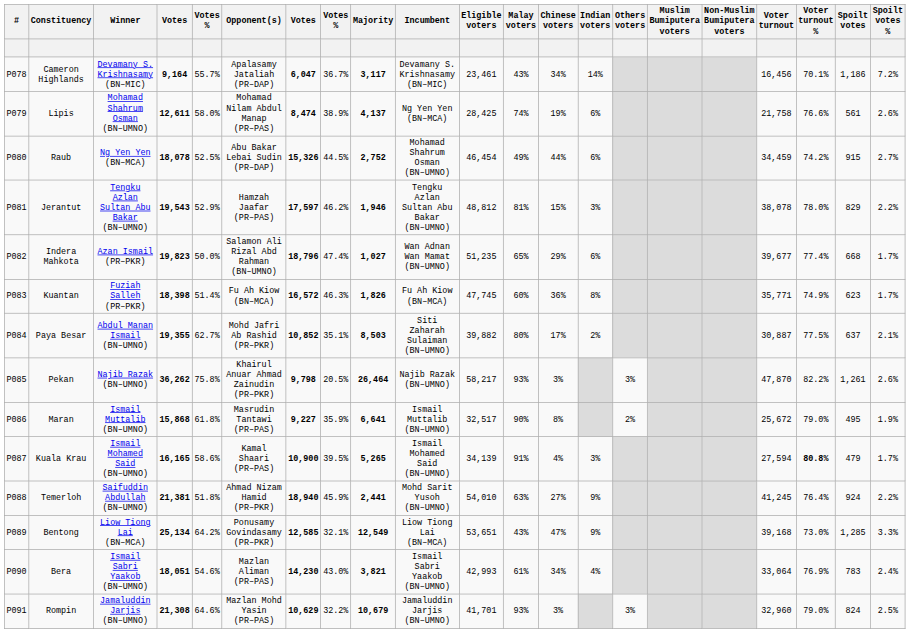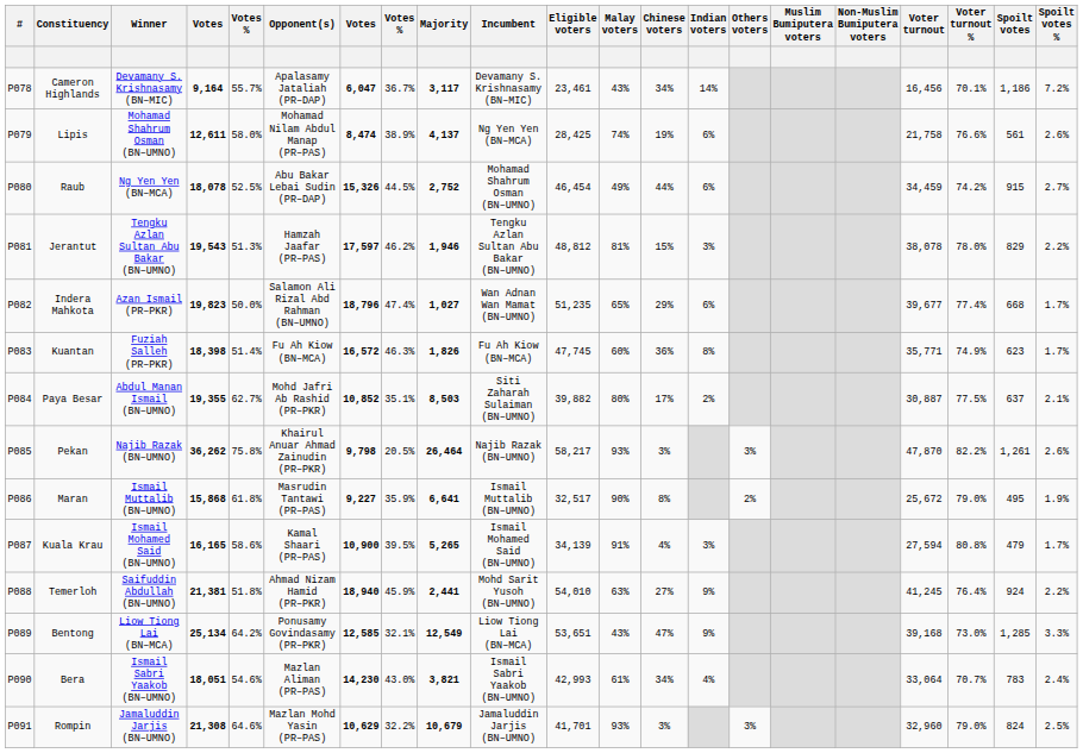 <table class="wikitable sortable" style="text-align:center; font-size:90%">
 <tr>
 <th width="30">#</th>
 <th width="60">Constituency</th>
 <th width="150">Winner</th>
 <th width="50">Votes</th>
 <th width="50">Votes %</th>
 <th width="150">Opponent(s)</th>
 <th width="50">Votes</th>
 <th width="50">Votes %</th>
 <th width="50">Majority</th>
 <th width="150">Incumbent</th>
 <th width="50">Eligible voters</th>
 <th width="50">Malay voters</th>
 <th width="50">Chinese voters</th>
 <th width="50">Indian voters</th>
 <th width="50">Others voters</th>
 <th width="50">Muslim Bumiputera voters</th>
 <th width="50">Non-Muslim Bumiputera voters</th>
 <th width="50">Voter turnout</th>
 <th width="50">Voter turnout %</th>
 <th width="50">Spoilt votes</th>
 <th width="50">Spoilt votes %</th>
 </tr>
 <tr>
 <th height="20"></th>
 <th></th>
 <th></th>
 <th></th>
 <th></th>
 <th></th>
 <th></th>
 <th></th>
 <th></th>
 <th></th>
 <th></th>
 <th></th>
 <th></th>
 <th></th>
 <th></th>
 <th></th>
 <th></th>
 <th></th>
 <th></th>
 <th></th>
 <th></th>
 </tr>
 <tr>
 <td>P078</td>
 <td>Cameron Highlands</td>
 <td><a href='#'>Devamany S. Krishnasamy</a><br>(BN–MIC)</td>
 <td><strong>9,164</strong></td>
 <td>55.7%</td>
 <td>Apalasamy Jataliah<br>(PR–DAP)</td>
 <td><strong>6,047</strong></td>
 <td>36.7%</td>
 <td><strong>3,117</strong></td>
 <td>Devamany S. Krishnasamy<br>(BN–MIC)</td>
 <td>23,461</td>
 <td>43%</td>
 <td>34%</td>
 <td>14%</td>
 <td bgcolor="dcdcdc"></td>
 <td bgcolor="dcdcdc"></td>
 <td bgcolor="dcdcdc"></td>
 <td>16,456</td>
 <td>70.1%</td>
 <td>1,186</td>
 <td>7.2%</td>
 </tr>
 <tr>
 <td>P079</td>
 <td>Lipis</td>
 <td><a href='#'>Mohamad Shahrum Osman</a><br>(BN–UMNO)</td>
 <td><strong>12,611</strong></td>
 <td>58.0%</td>
 <td>Mohamad Nilam Abdul Manap<br>(PR–PAS)</td>
 <td><strong>8,474</strong></td>
 <td>38.9%</td>
 <td><strong>4,137</strong></td>
 <td>Ng Yen Yen<br>(BN–MCA)</td>
 <td>28,425</td>
 <td>74%</td>
 <td>19%</td>
 <td>6%</td>
 <td bgcolor="dcdcdc"></td>
 <td bgcolor="dcdcdc"></td>
 <td bgcolor="dcdcdc"></td>
 <td>21,758</td>
 <td>76.6%</td>
 <td>561</td>
 <td>2.6%</td>
 </tr>
 <tr>
 <td>P080</td>
 <td>Raub</td>
 <td><a href='#'>Ng Yen Yen</a><br>(BN–MCA)</td>
 <td><strong>18,078</strong></td>
 <td>52.5%</td>
 <td>Abu Bakar Lebai Sudin<br>(PR–DAP)</td>
 <td><strong>15,326</strong></td>
 <td>44.5%</td>
 <td><strong>2,752</strong></td>
 <td>Mohamad Shahrum Osman<br>(BN–UMNO)</td>
 <td>46,454</td>
 <td>49%</td>
 <td>44%</td>
 <td>6%</td>
 <td bgcolor="dcdcdc"></td>
 <td bgcolor="dcdcdc"></td>
 <td bgcolor="dcdcdc"></td>
 <td>34,459</td>
 <td>74.2%</td>
 <td>915</td>
 <td>2.7%</td>
 </tr>
 <tr>
 <td>P081</td>
 <td>Jerantut</td>
 <td><a href='#'>Tengku Azlan Sultan Abu Bakar</a><br>(BN–UMNO)</td>
 <td><strong>19,543</strong></td>
-<td>52.9%</td>
+<td>51.3%</td>
 <td>Hamzah Jaafar<br>(PR–PAS)</td>
 <td><strong>17,597</strong></td>
 <td>46.2%</td>
 <td><strong>1,946</strong></td>
 <td>Tengku Azlan Sultan Abu Bakar<br>(BN–UMNO)</td>
 <td>48,812</td>
 <td>81%</td>
 <td>15%</td>
 <td>3%</td>
 <td bgcolor="dcdcdc"></td>
 <td bgcolor="dcdcdc"></td>
 <td bgcolor="dcdcdc"></td>
 <td>38,078</td>
 <td>78.0%</td>
 <td>829</td>
 <td>2.2%</td>
 </tr>
 <tr>
 <td>P082</td>
 <td>Indera Mahkota</td>
 <td><a href='#'>Azan Ismail</a><br>(PR–PKR)</td>
 <td><strong>19,823</strong></td>
 <td>50.0%</td>
 <td>Salamon Ali Rizal Abd Rahman<br>(BN–UMNO)</td>
 <td><strong>18,796</strong></td>
 <td>47.4%</td>
 <td><strong>1,027</strong></td>
 <td>Wan Adnan Wan Mamat<br>(BN–UMNO)</td>
 <td>51,235</td>
 <td>65%</td>
 <td>29%</td>
 <td>6%</td>
 <td bgcolor="dcdcdc"></td>
 <td bgcolor="dcdcdc"></td>
 <td bgcolor="dcdcdc"></td>
 <td>39,677</td>
 <td>77.4%</td>
 <td>668</td>
 <td>1.7%</td>
 </tr>
 <tr>
 <td>P083</td>
 <td>Kuantan</td>
 <td><a href='#'>Fuziah Salleh</a><br>(PR–PKR)</td>
 <td><strong>18,398</strong></td>
 <td>51.4%</td>
 <td>Fu Ah Kiow<br>(BN–MCA)</td>
 <td><strong>16,572</strong></td>
 <td>46.3%</td>
 <td><strong>1,826</strong></td>
 <td>Fu Ah Kiow<br>(BN–MCA)</td>
 <td>47,745</td>
 <td>60%</td>
 <td>36%</td>
 <td>8%</td>
 <td bgcolor="dcdcdc"></td>
 <td bgcolor="dcdcdc"></td>
 <td bgcolor="dcdcdc"></td>
 <td>35,771</td>
 <td>74.9%</td>
 <td>623</td>
 <td>1.7%</td>
 </tr>
 <tr>
 <td>P084</td>
 <td>Paya Besar</td>
 <td><a href='#'>Abdul Manan Ismail</a><br>(BN–UMNO)</td>
 <td><strong>19,355</strong></td>
 <td>62.7%</td>
 <td>Mohd Jafri Ab Rashid<br>(PR–PKR)</td>
 <td><strong>10,852</strong></td>
 <td>35.1%</td>
 <td><strong>8,503</strong></td>
 <td>Siti Zaharah Sulaiman<br>(BN–UMNO)</td>
 <td>39,882</td>
 <td>80%</td>
 <td>17%</td>
 <td>2%</td>
 <td bgcolor="dcdcdc"></td>
 <td bgcolor="dcdcdc"></td>
 <td bgcolor="dcdcdc"></td>
 <td>30,887</td>
 <td>77.5%</td>
 <td>637</td>
 <td>2.1%</td>
 </tr>
 <tr>
 <td>P085</td>
 <td>Pekan</td>
 <td><a href='#'>Najib Razak</a><br>(BN–UMNO)</td>
 <td><strong>36,262</strong></td>
 <td>75.8%</td>
 <td>Khairul Anuar Ahmad Zainudin<br>(PR–PKR)</td>
 <td><strong>9,798</strong></td>
 <td>20.5%</td>
 <td><strong>26,464</strong></td>
 <td>Najib Razak<br>(BN–UMNO)</td>
 <td>58,217</td>
 <td>93%</td>
 <td>3%</td>
 <td bgcolor="dcdcdc"></td>
 <td>3%</td>
 <td bgcolor="dcdcdc"></td>
 <td bgcolor="dcdcdc"></td>
 <td>47,870</td>
 <td>82.2%</td>
 <td>1,261</td>
 <td>2.6%</td>
 </tr>
 <tr>
 <td>P086</td>
 <td>Maran</td>
 <td><a href='#'>Ismail Muttalib</a><br>(BN–UMNO)</td>
 <td><strong>15,868</strong></td>
 <td>61.8%</td>
 <td>Masrudin Tantawi<br>(PR–PAS)</td>
 <td><strong>9,227</strong></td>
 <td>35.9%</td>
 <td><strong>6,641</strong></td>
 <td>Ismail Muttalib<br>(BN–UMNO)</td>
 <td>32,517</td>
 <td>90%</td>
 <td>8%</td>
 <td bgcolor="dcdcdc"></td>
 <td>2%</td>
 <td bgcolor="dcdcdc"></td>
 <td bgcolor="dcdcdc"></td>
 <td>25,672</td>
 <td>79.0%</td>
 <td>495</td>
 <td>1.9%</td>
 </tr>
 <tr>
 <td>P087</td>
 <td>Kuala Krau</td>
 <td><a href='#'>Ismail Mohamed Said</a><br>(BN–UMNO)</td>
 <td><strong>16,165</strong></td>
 <td>58.6%</td>
 <td>Kamal Shaari<br>(PR–PAS)</td>
 <td><strong>10,900</strong></td>
 <td>39.5%</td>
 <td><strong>5,265</strong></td>
 <td>Ismail Mohamed Said<br>(BN–UMNO)</td>
 <td>34,139</td>
 <td>91%</td>
 <td>4%</td>
 <td>3%</td>
 <td bgcolor="dcdcdc"></td>
 <td bgcolor="dcdcdc"></td>
 <td bgcolor="dcdcdc"></td>
 <td>27,594</td>
-<td><strong>80.8%</strong></td>
+<td>80.8%</td>
 <td>479</td>
 <td>1.7%</td>
 </tr>
 <tr>
 <td>P088</td>
 <td>Temerloh</td>
 <td><a href='#'>Saifuddin Abdullah</a><br>(BN–UMNO)</td>
 <td><strong>21,381</strong></td>
 <td>51.8%</td>
 <td>Ahmad Nizam Hamid<br>(PR–PKR)</td>
 <td><strong>18,940</strong></td>
 <td>45.9%</td>
 <td><strong>2,441</strong></td>
 <td>Mohd Sarit Yusoh<br>(BN–UMNO)</td>
 <td>54,010</td>
 <td>63%</td>
 <td>27%</td>
 <td>9%</td>
 <td bgcolor="dcdcdc"></td>
 <td bgcolor="dcdcdc"></td>
 <td bgcolor="dcdcdc"></td>
 <td>41,245</td>
 <td>76.4%</td>
 <td>924</td>
 <td>2.2%</td>
 </tr>
 <tr>
 <td>P089</td>
 <td>Bentong</td>
 <td><a href='#'>Liow Tiong Lai</a><br>(BN–MCA)</td>
 <td><strong>25,134</strong></td>
 <td>64.2%</td>
 <td>Ponusamy Govindasamy<br>(PR–PKR)</td>
 <td><strong>12,585</strong></td>
 <td>32.1%</td>
 <td><strong>12,549</strong></td>
 <td>Liow Tiong Lai<br>(BN–MCA)</td>
 <td>53,651</td>
 <td>43%</td>
 <td>47%</td>
 <td>9%</td>
 <td bgcolor="dcdcdc"></td>
 <td bgcolor="dcdcdc"></td>
 <td bgcolor="dcdcdc"></td>
 <td>39,168</td>
 <td>73.0%</td>
 <td>1,285</td>
 <td>3.3%</td>
 </tr>
 <tr>
 <td>P090</td>
 <td>Bera</td>
 <td><a href='#'>Ismail Sabri Yaakob</a><br>(BN–UMNO)</td>
 <td><strong>18,051</strong></td>
 <td>54.6%</td>
 <td>Mazlan Aliman<br>(PR–PAS)</td>
 <td><strong>14,230</strong></td>
 <td>43.0%</td>
 <td><strong>3,821</strong></td>
 <td>Ismail Sabri Yaakob<br>(BN–UMNO)</td>
 <td>42,993</td>
 <td>61%</td>
 <td>34%</td>
 <td>4%</td>
 <td bgcolor="dcdcdc"></td>
 <td bgcolor="dcdcdc"></td>
 <td bgcolor="dcdcdc"></td>
 <td>33,064</td>
-<td>76.9%</td>
+<td>70.7%</td>
 <td>783</td>
 <td>2.4%</td>
 </tr>
 <tr>
 <td>P091</td>
 <td>Rompin</td>
 <td><a href='#'>Jamaluddin Jarjis</a><br>(BN–UMNO)</td>
 <td><strong>21,308</strong></td>
 <td>64.6%</td>
 <td>Mazlan Mohd Yasin<br>(PR–PAS)</td>
 <td><strong>10,629</strong></td>
 <td>32.2%</td>
 <td><strong>10,679</strong></td>
 <td>Jamaluddin Jarjis<br>(BN–UMNO)</td>
 <td>41,701</td>
 <td>93%</td>
 <td>3%</td>
 <td bgcolor="dcdcdc"></td>
 <td>3%</td>
 <td bgcolor="dcdcdc"></td>
 <td bgcolor="dcdcdc"></td>
 <td>32,960</td>
 <td>79.0%</td>
 <td>824</td>
 <td>2.5%</td>
 </tr>
 </table>
